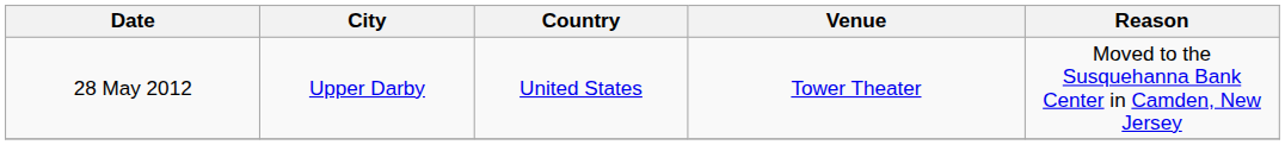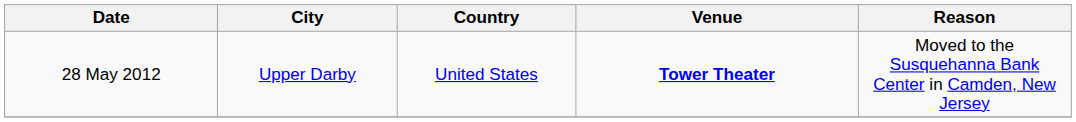 <table class="wikitable" style="text-align:center;">
 <tr 20 October 2015>
 <th scope="col" style="width:12em;">Date</th>
 <th scope="col" style="width:10em;">City</th>
 <th scope="col" style="width:10em;">Country</th>
 <th scope="col" style="width:16em;">Venue</th>
 <th scope="col" style="width:12em;">Reason</th>
 </tr>
 <tr>
 <td>28 May 2012</td>
 <td><a href='#'>Upper Darby</a></td>
 <td><a href='#'>United States</a></td>
-<td><a href='#'>Tower Theater</a></td>
+<td><strong><a href='#'>Tower Theater</a></strong></td>
 <td>Moved to the <a href='#'>Susquehanna Bank Center</a> in <a href='#'>Camden, New Jersey</a></td>
 </tr>
 <tr>
 </tr>
 </table>
